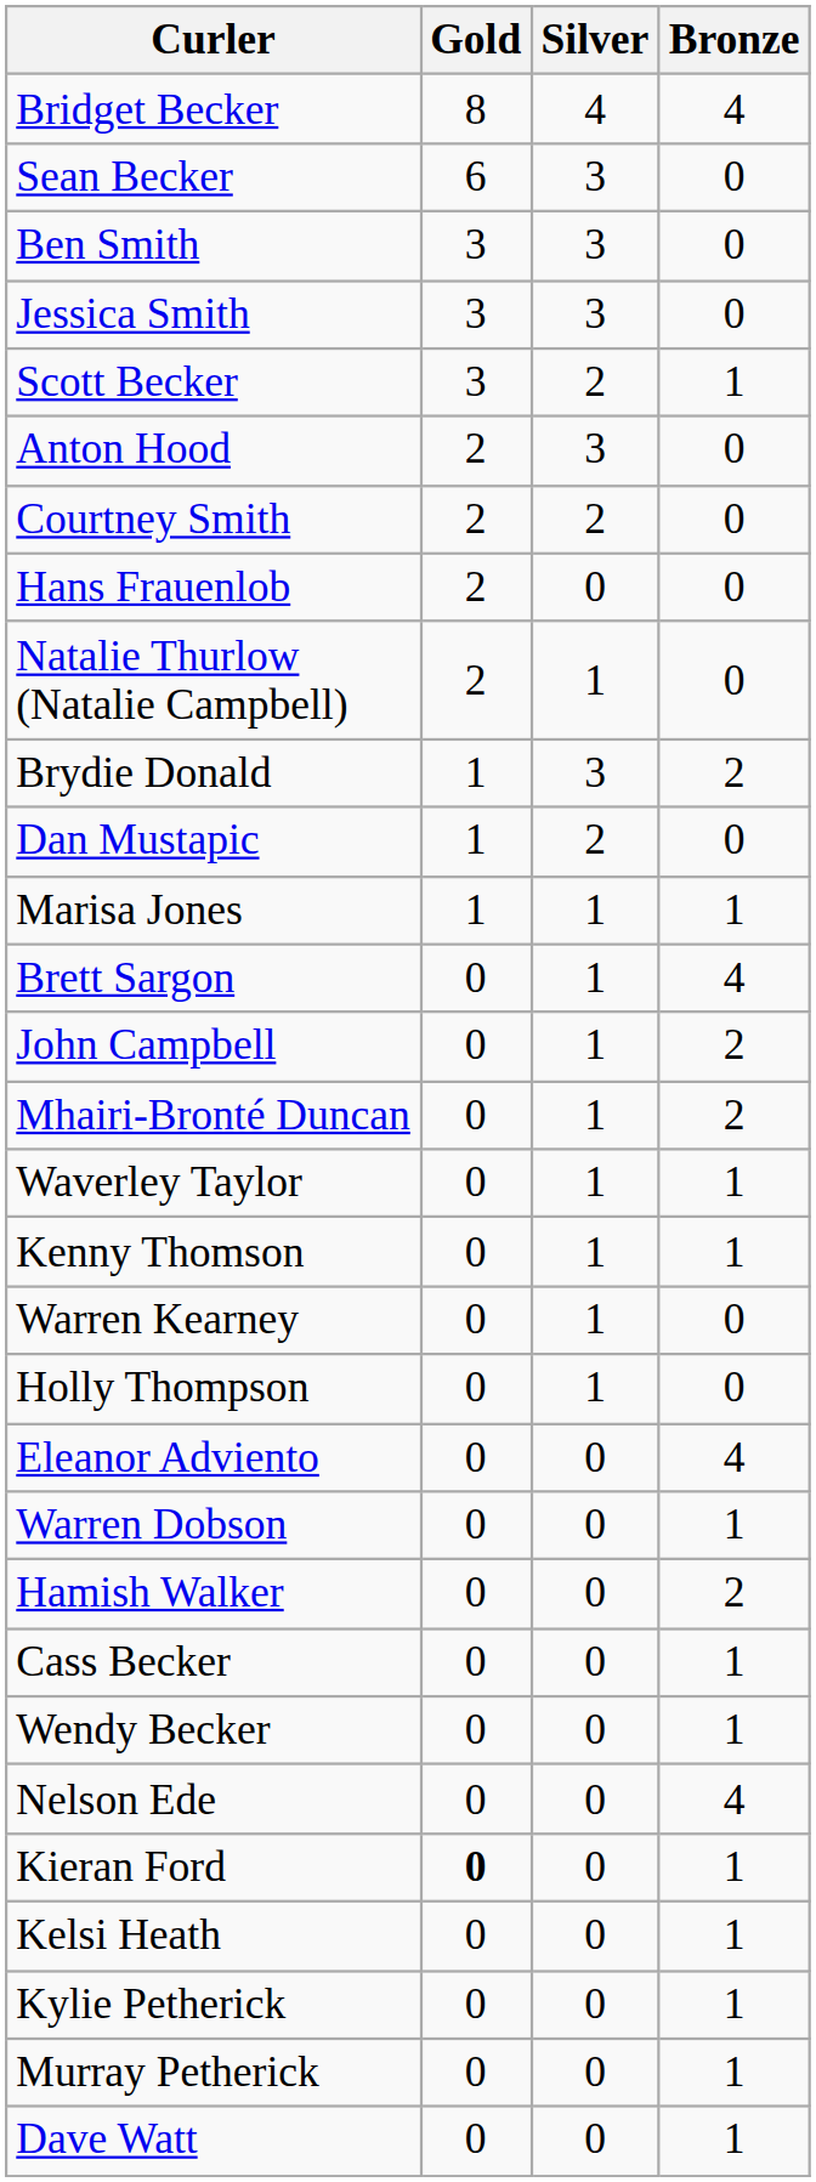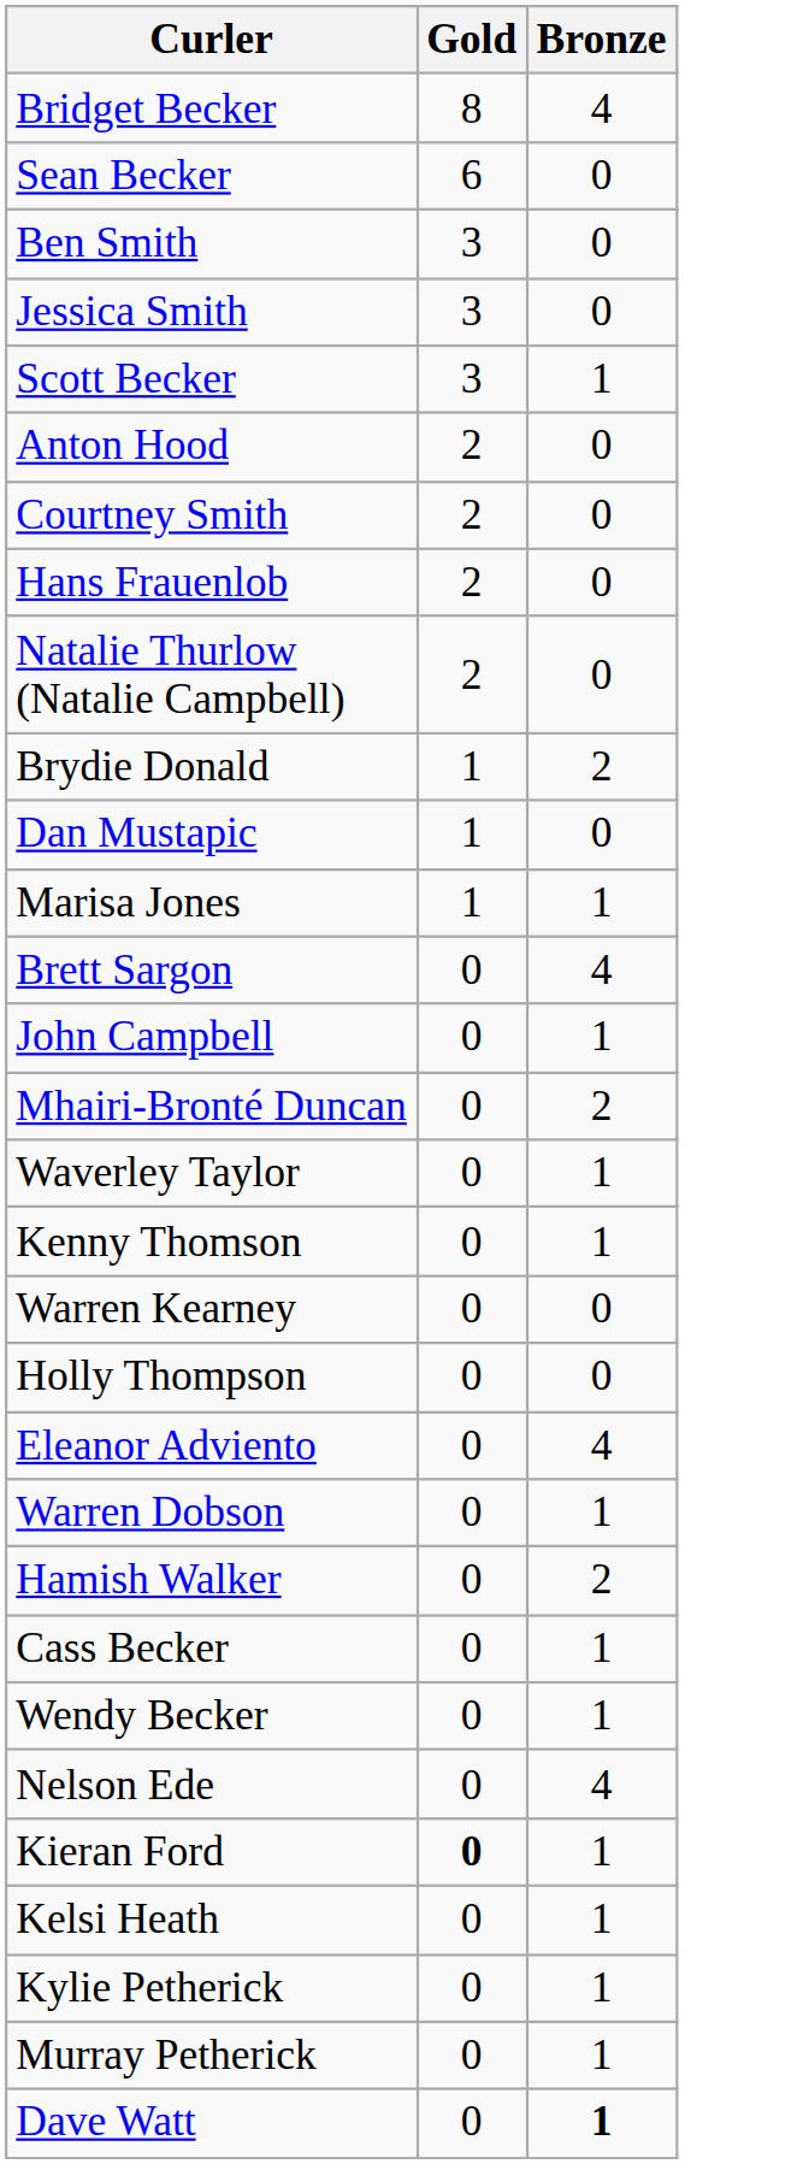 <table class="wikitable" style="text-align:center;">
 <tr>
 <th>Curler</th>
 <th>Gold</th>
-<th>Silver</th>
 <th>Bronze</th>
 </tr>
 <tr>
 <td align="left"><a href='#'>Bridget Becker</a></td>
 <td>8</td>
 <td>4</td>
-<td>4</td>
 </tr>
 <tr>
 <td align="left"><a href='#'>Sean Becker</a></td>
 <td>6</td>
-<td>3</td>
 <td>0</td>
 </tr>
 <tr>
 <td align="left"><a href='#'>Ben Smith</a></td>
-<td>3</td>
 <td>3</td>
 <td>0</td>
 </tr>
 <tr>
 <td align="left"><a href='#'>Jessica Smith</a></td>
 <td>3</td>
-<td>3</td>
 <td>0</td>
 </tr>
 <tr>
 <td align="left"><a href='#'>Scott Becker</a></td>
 <td>3</td>
-<td>2</td>
 <td>1</td>
 </tr>
 <tr>
 <td align="left"><a href='#'>Anton Hood</a></td>
 <td>2</td>
-<td>3</td>
 <td>0</td>
 </tr>
 <tr>
 <td align="left"><a href='#'>Courtney Smith</a></td>
-<td>2</td>
 <td>2</td>
 <td>0</td>
 </tr>
 <tr>
 <td align="left"><a href='#'>Hans Frauenlob</a></td>
 <td>2</td>
 <td>0</td>
-<td>0</td>
 </tr>
 <tr>
 <td align="left"><a href='#'>Natalie Thurlow</a><br>(Natalie Campbell)</td>
 <td>2</td>
-<td>1</td>
 <td>0</td>
 </tr>
 <tr>
 <td align="left">Brydie Donald</td>
 <td>1</td>
-<td>3</td>
 <td>2</td>
 </tr>
 <tr>
 <td align="left"><a href='#'>Dan Mustapic</a></td>
 <td>1</td>
-<td>2</td>
 <td>0</td>
 </tr>
 <tr>
 <td align="left">Marisa Jones</td>
 <td>1</td>
 <td>1</td>
-<td>1</td>
 </tr>
 <tr>
 <td align="left"><a href='#'>Brett Sargon</a></td>
 <td>0</td>
-<td>1</td>
 <td>4</td>
 </tr>
 <tr>
 <td align="left"><a href='#'>John Campbell</a></td>
 <td>0</td>
 <td>1</td>
-<td>2</td>
 </tr>
 <tr>
 <td align="left"><a href='#'>Mhairi-Bronté Duncan</a></td>
 <td>0</td>
-<td>1</td>
 <td>2</td>
 </tr>
 <tr>
 <td align="left">Waverley Taylor</td>
 <td>0</td>
 <td>1</td>
-<td>1</td>
 </tr>
 <tr>
 <td align="left">Kenny Thomson</td>
 <td>0</td>
 <td>1</td>
-<td>1</td>
 </tr>
 <tr>
 <td align="left">Warren Kearney</td>
 <td>0</td>
-<td>1</td>
 <td>0</td>
 </tr>
 <tr>
 <td align="left">Holly Thompson</td>
 <td>0</td>
-<td>1</td>
 <td>0</td>
 </tr>
 <tr>
 <td align="left"><a href='#'>Eleanor Adviento</a></td>
-<td>0</td>
 <td>0</td>
 <td>4</td>
 </tr>
 <tr>
 <td align="left"><a href='#'>Warren Dobson</a></td>
 <td>0</td>
-<td>0</td>
 <td>1</td>
 </tr>
 <tr>
 <td align="left"><a href='#'>Hamish Walker</a></td>
-<td>0</td>
 <td>0</td>
 <td>2</td>
 </tr>
 <tr>
 <td align="left">Cass Becker</td>
 <td>0</td>
-<td>0</td>
 <td>1</td>
 </tr>
 <tr>
 <td align="left">Wendy Becker</td>
-<td>0</td>
 <td>0</td>
 <td>1</td>
 </tr>
 <tr>
 <td align="left">Nelson Ede</td>
 <td>0</td>
-<td>0</td>
 <td>4</td>
 </tr>
 <tr>
 <td align="left">Kieran Ford</td>
 <td><strong>0</strong></td>
-<td>0</td>
 <td>1</td>
 </tr>
 <tr>
 <td align="left">Kelsi Heath</td>
-<td>0</td>
 <td>0</td>
 <td>1</td>
 </tr>
 <tr>
 <td align="left">Kylie Petherick</td>
 <td>0</td>
-<td>0</td>
 <td>1</td>
 </tr>
 <tr>
 <td align="left">Murray Petherick</td>
-<td>0</td>
 <td>0</td>
 <td>1</td>
 </tr>
 <tr>
 <td align="left"><a href='#'>Dave Watt</a></td>
 <td>0</td>
-<td>0</td>
-<td>1<br></td>
+<td><strong>1<br></strong></td>
 </tr>
 </table>
